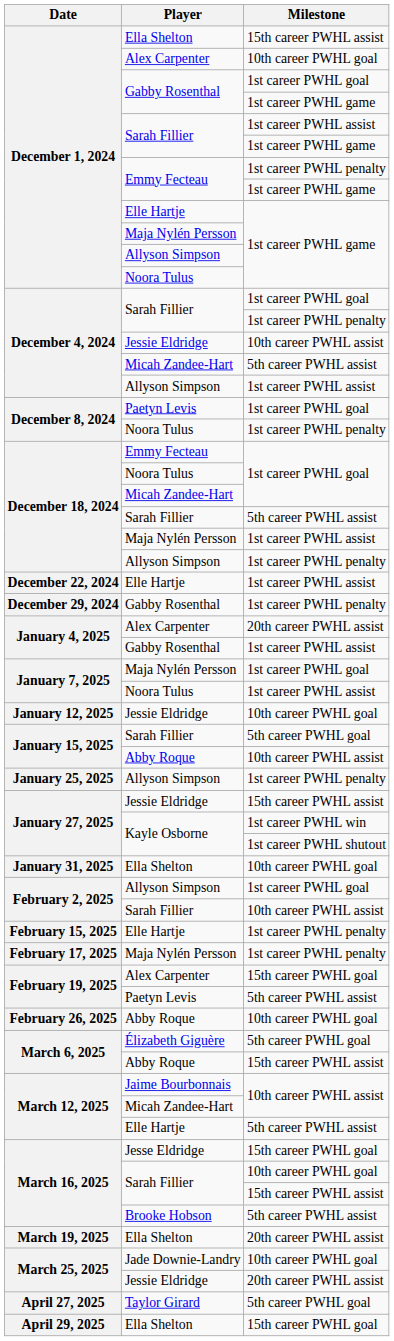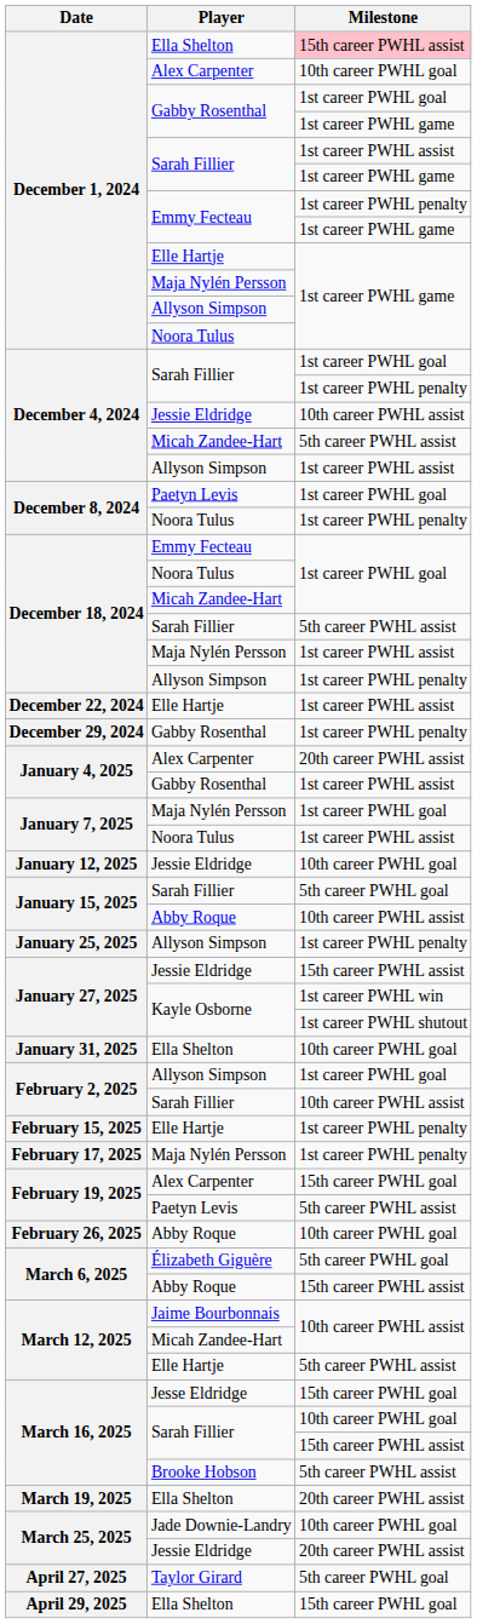 <table class="wikitable">
 <tr>
 <th scope="col">Date</th>
 <th scope="col">Player</th>
 <th scope="col">Milestone</th>
 </tr>
 <tr>
 <th scope="rowgroup" rowspan="12">December 1, 2024</th>
 <td><a href='#'>Ella Shelton</a></td>
-<td>15th career PWHL assist</td>
+<td style="background: pink;">15th career PWHL assist</td>
 </tr>
 <tr>
 <td><a href='#'>Alex Carpenter</a></td>
 <td>10th career PWHL goal</td>
 </tr>
 <tr>
 <td rowspan="2"><a href='#'>Gabby Rosenthal</a></td>
 <td>1st career PWHL goal</td>
 </tr>
 <tr>
 <td>1st career PWHL game</td>
 </tr>
 <tr>
 <td rowspan="2"><a href='#'>Sarah Fillier</a></td>
 <td>1st career PWHL assist</td>
 </tr>
 <tr>
 <td>1st career PWHL game</td>
 </tr>
 <tr>
 <td rowspan="2"><a href='#'>Emmy Fecteau</a></td>
 <td>1st career PWHL penalty</td>
 </tr>
 <tr>
 <td>1st career PWHL game</td>
 </tr>
 <tr>
 <td><a href='#'>Elle Hartje</a></td>
 <td rowspan="4">1st career PWHL game</td>
 </tr>
 <tr>
 <td><a href='#'>Maja Nylén Persson</a></td>
 </tr>
 <tr>
 <td><a href='#'>Allyson Simpson</a></td>
 </tr>
 <tr>
 <td><a href='#'>Noora Tulus</a></td>
 </tr>
 <tr>
 <th scope="rowgroup" rowspan="5">December 4, 2024</th>
 <td rowspan="2">Sarah Fillier</td>
 <td>1st career PWHL goal</td>
 </tr>
 <tr>
 <td>1st career PWHL penalty</td>
 </tr>
 <tr>
 <td><a href='#'>Jessie Eldridge</a></td>
 <td>10th career PWHL assist</td>
 </tr>
 <tr>
 <td><a href='#'>Micah Zandee-Hart</a></td>
 <td>5th career PWHL assist</td>
 </tr>
 <tr>
 <td>Allyson Simpson</td>
 <td>1st career PWHL assist</td>
 </tr>
 <tr>
 <th scope="rowgroup" rowspan="2">December 8, 2024</th>
 <td><a href='#'>Paetyn Levis</a></td>
 <td>1st career PWHL goal</td>
 </tr>
 <tr>
 <td>Noora Tulus</td>
 <td>1st career PWHL penalty</td>
 </tr>
 <tr>
 <th scope="rowgroup" rowspan="6">December 18, 2024</th>
 <td><a href='#'>Emmy Fecteau</a></td>
 <td rowspan="3">1st career PWHL goal</td>
 </tr>
 <tr>
 <td>Noora Tulus</td>
 </tr>
 <tr>
 <td><a href='#'>Micah Zandee-Hart</a></td>
 </tr>
 <tr>
 <td>Sarah Fillier</td>
 <td>5th career PWHL assist</td>
 </tr>
 <tr>
 <td>Maja Nylén Persson</td>
 <td>1st career PWHL assist</td>
 </tr>
 <tr>
 <td>Allyson Simpson</td>
 <td>1st career PWHL penalty</td>
 </tr>
 <tr>
 <th scope="rowgroup" rowspan="1">December 22, 2024</th>
 <td>Elle Hartje</td>
 <td>1st career PWHL assist</td>
 </tr>
 <tr>
 <th scope="rowgroup" rowspan="1">December 29, 2024</th>
 <td>Gabby Rosenthal</td>
 <td>1st career PWHL penalty</td>
 </tr>
 <tr>
 <th scope="rowgroup" rowspan="2">January 4, 2025</th>
 <td>Alex Carpenter</td>
 <td>20th career PWHL assist</td>
 </tr>
 <tr>
 <td>Gabby Rosenthal</td>
 <td>1st career PWHL assist</td>
 </tr>
 <tr>
 <th scope="rowgroup" rowspan="2">January 7, 2025</th>
 <td>Maja Nylén Persson</td>
 <td>1st career PWHL goal</td>
 </tr>
 <tr>
 <td>Noora Tulus</td>
 <td>1st career PWHL assist</td>
 </tr>
 <tr>
 <th scope="rowgroup" rowspan="1">January 12, 2025</th>
 <td>Jessie Eldridge</td>
 <td>10th career PWHL goal</td>
 </tr>
 <tr>
 <th scope="rowgroup" rowspan="2">January 15, 2025</th>
 <td>Sarah Fillier</td>
 <td>5th career PWHL goal</td>
 </tr>
 <tr>
 <td><a href='#'>Abby Roque</a></td>
 <td>10th career PWHL assist</td>
 </tr>
 <tr>
 <th scope="rowgroup" rowspan="1">January 25, 2025</th>
 <td>Allyson Simpson</td>
 <td>1st career PWHL penalty</td>
 </tr>
 <tr>
 <th scope="rowgroup" rowspan="3">January 27, 2025</th>
 <td>Jessie Eldridge</td>
 <td>15th career PWHL assist</td>
 </tr>
 <tr>
 <td rowspan="2">Kayle Osborne</td>
 <td>1st career PWHL win</td>
 </tr>
 <tr>
 <td>1st career PWHL shutout</td>
 </tr>
 <tr>
 <th scope="rowgroup" rowspan="1">January 31, 2025</th>
 <td>Ella Shelton</td>
 <td>10th career PWHL goal</td>
 </tr>
 <tr>
 <th scope="rowgroup" rowspan="2">February 2, 2025</th>
 <td>Allyson Simpson</td>
 <td>1st career PWHL goal</td>
 </tr>
 <tr>
 <td>Sarah Fillier</td>
 <td>10th career PWHL assist</td>
 </tr>
 <tr>
 <th scope="rowgroup" rowspan="1">February 15, 2025</th>
 <td>Elle Hartje</td>
 <td>1st career PWHL penalty</td>
 </tr>
 <tr>
 <th scope="rowgroup" rowspan="1">February 17, 2025</th>
 <td>Maja Nylén Persson</td>
 <td>1st career PWHL penalty</td>
 </tr>
 <tr>
 <th scope="rowgroup" rowspan="2">February 19, 2025</th>
 <td>Alex Carpenter</td>
 <td>15th career PWHL goal</td>
 </tr>
 <tr>
 <td>Paetyn Levis</td>
 <td>5th career PWHL assist</td>
 </tr>
 <tr>
 <th scope="rowgroup" rowspan="1">February 26, 2025</th>
 <td>Abby Roque</td>
 <td>10th career PWHL goal</td>
 </tr>
 <tr>
 <th scope="rowgroup" rowspan="2">March 6, 2025</th>
 <td><a href='#'>Élizabeth Giguère</a></td>
 <td>5th career PWHL goal</td>
 </tr>
 <tr>
 <td>Abby Roque</td>
 <td>15th career PWHL assist</td>
 </tr>
 <tr>
 <th scope="rowgroup" rowspan="3">March 12, 2025</th>
 <td><a href='#'>Jaime Bourbonnais</a></td>
 <td rowspan="2">10th career PWHL assist</td>
 </tr>
 <tr>
 <td>Micah Zandee-Hart</td>
 </tr>
 <tr>
 <td>Elle Hartje</td>
 <td>5th career PWHL assist</td>
 </tr>
 <tr>
 <th scope="rowgroup" rowspan="4">March 16, 2025</th>
 <td>Jesse Eldridge</td>
 <td>15th career PWHL goal</td>
 </tr>
 <tr>
 <td rowspan="2">Sarah Fillier</td>
 <td>10th career PWHL goal</td>
 </tr>
 <tr>
 <td>15th career PWHL assist</td>
 </tr>
 <tr>
 <td><a href='#'>Brooke Hobson</a></td>
 <td>5th career PWHL assist</td>
 </tr>
 <tr>
 <th scope="rowgroup" rowspan="1">March 19, 2025</th>
 <td>Ella Shelton</td>
 <td>20th career PWHL assist</td>
 </tr>
 <tr>
 <th scope="rowgroup" rowspan="2">March 25, 2025</th>
 <td>Jade Downie-Landry</td>
 <td>10th career PWHL goal</td>
 </tr>
 <tr>
 <td>Jessie Eldridge</td>
 <td>20th career PWHL assist</td>
 </tr>
 <tr>
 <th scope="rowgroup" rowspan="1">April 27, 2025</th>
 <td><a href='#'>Taylor Girard</a></td>
 <td>5th career PWHL goal</td>
 </tr>
 <tr>
 <th scope="rowgroup" rowspan="1">April 29, 2025</th>
 <td>Ella Shelton</td>
 <td>15th career PWHL goal</td>
 </tr>
 </table>
